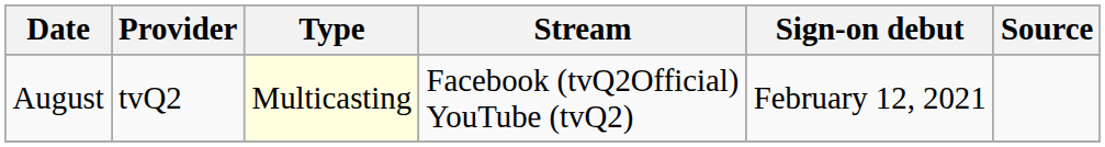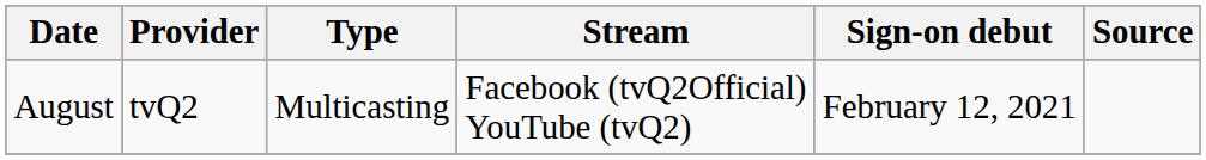 <table class="wikitable">
 <tr>
 <th>Date</th>
 <th>Provider</th>
 <th>Type</th>
 <th>Stream</th>
 <th>Sign-on debut</th>
 <th>Source</th>
 </tr>
 <tr>
 <td>August</td>
 <td>tvQ2</td>
-<td style="background: lightyellow;">Multicasting</td>
+<td>Multicasting</td>
 <td>Facebook (tvQ2Official)<br>YouTube (tvQ2)</td>
 <td>February 12, 2021</td>
 <td></td>
 </tr>
 <tr>
 </tr>
 </table>
